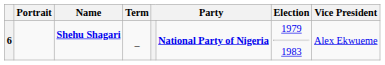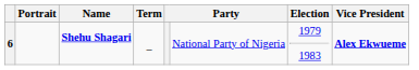 <table class="wikitable sortable sticky-header" style=text-align:center;>
 <tr>
 <th scope=col></th>
 <th scope=col class=unsortable>Portrait</th>
 <th scope=col>Name<br></th>
 <th scope=col class=unsortable>Term</th>
 <th scope=col colspan=2>Party</th>
 <th scope=col class=unsortable>Election</th>
 <th scope=col class=unsortable>Vice President</th>
 </tr>
 <tr>
 <th scope=row>6</th>
 <td></td>
 <td><strong><a href='#'>Shehu Shagari</a></strong><br><br></td>
 <td><br>–<br></td>
 <th style="background:"></th>
-<td><strong><a href='#'>National Party of Nigeria</a></strong></td>
+<td><a href='#'>National Party of Nigeria</a></td>
 <td class=nowrap><a href='#'>1979</a><hr><a href='#'>1983</a></td>
-<td><a href='#'>Alex Ekwueme</a></td>
+<td><strong><a href='#'>Alex Ekwueme</a></strong></td>
 </tr>
 </table>
